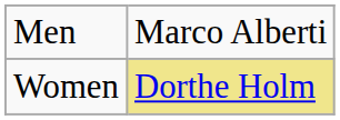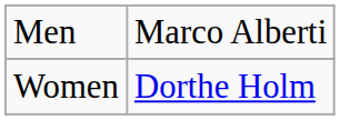 <table class="wikitable">
 <tr>
 <td>Men</td>
 <td> Marco Alberti</td>
 </tr>
 <tr>
 <td>Women</td>
-<td style="background: khaki;"> <a href='#'>Dorthe Holm</a></td>
+<td> <a href='#'>Dorthe Holm</a></td>
 </tr>
 </table>
